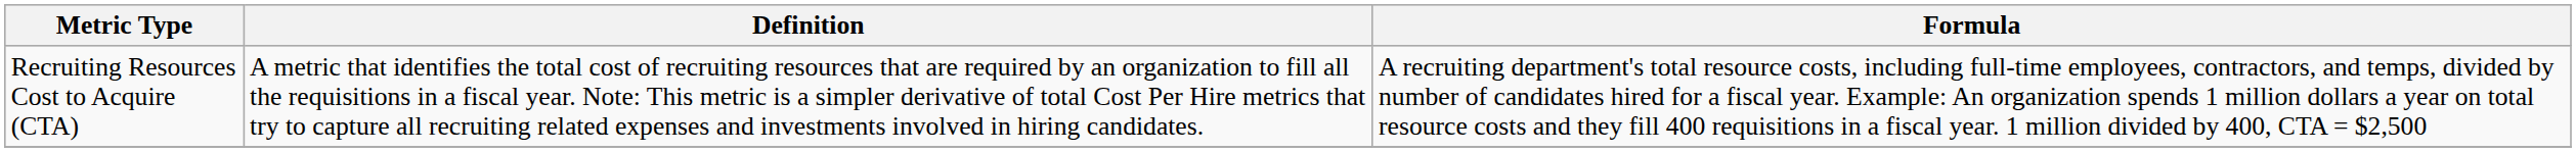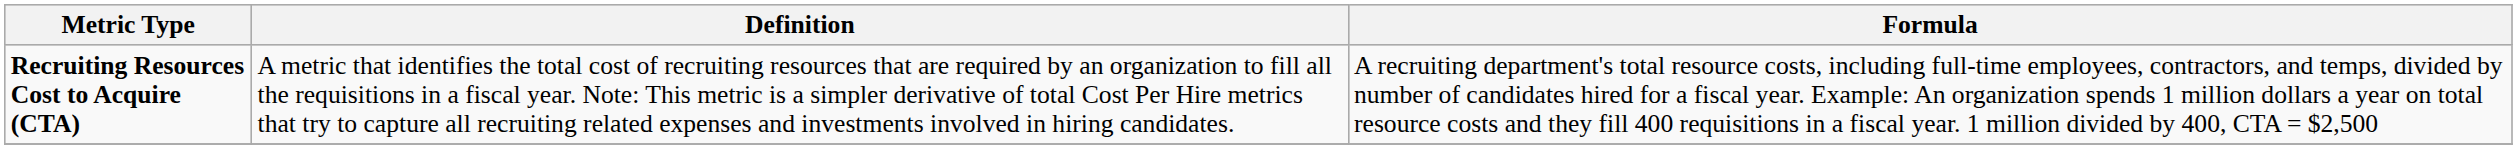 <table class="wikitable">
 <tr>
 <th>Metric Type</th>
 <th>Definition</th>
 <th>Formula</th>
 </tr>
 <tr>
-<td>Recruiting Resources Cost to Acquire (CTA)</td>
+<td><strong>Recruiting Resources Cost to Acquire (CTA)</strong></td>
 <td>A metric that identifies the total cost of recruiting resources  that are required by an organization to fill all the requisitions in a fiscal year. Note: This metric is a simpler derivative of total Cost Per Hire metrics that try to capture all recruiting related expenses and investments involved in hiring candidates.</td>
 <td>A recruiting department's total resource costs, including full-time employees, contractors, and temps, divided by number of candidates hired for a fiscal year. Example: An organization spends 1 million dollars a year on total resource costs and they fill 400 requisitions in a fiscal year. 1 million divided by 400, CTA = $2,500</td>
 </tr>
 <tr>
 </tr>
 </table>
